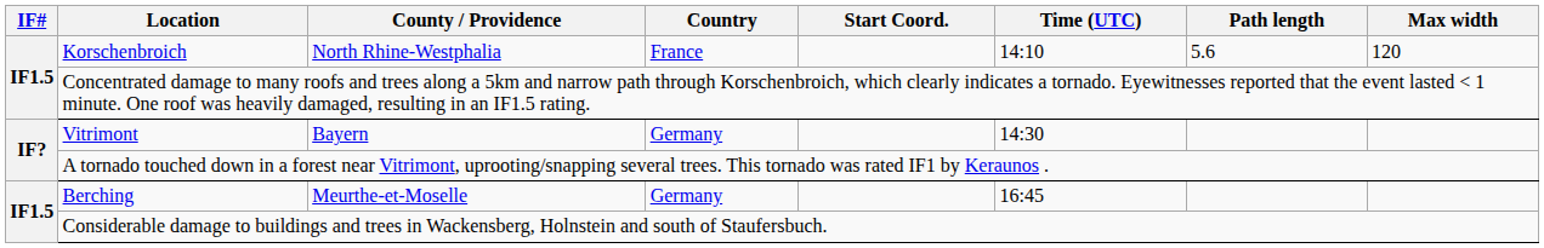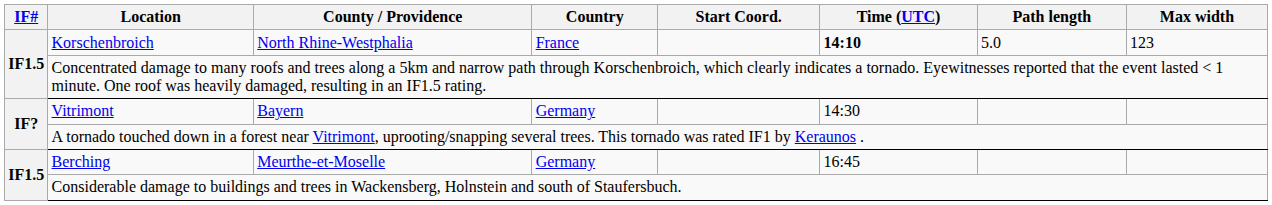 <table class="wikitable sortable" style="width:100%;">
 <tr>
 <th scope="col" width="2%" align="center"><a href='#'>IF#</a></th>
 <th scope="col" align="center" class="unsortable">Location</th>
 <th scope="col" align="center" class="unsortable">County / Providence</th>
 <th scope="col" align="center">Country</th>
 <th scope="col" align="center">Start Coord.</th>
 <th scope="col" align="center">Time (<a href='#'>UTC</a>)</th>
 <th scope="col" align="center">Path length</th>
 <th scope="col" align="center">Max width</th>
 </tr>
 <tr>
 <th scope="row" rowspan="2" style="background-color:#">IF1.5</th>
 <td><a href='#'>Korschenbroich</a></td>
 <td><a href='#'>North Rhine-Westphalia</a></td>
 <td><a href='#'>France</a></td>
 <td></td>
-<td>14:10</td>
-<td>5.6</td>
-<td>120</td>
+<td><strong>14:10</strong></td>
+<td>5.0</td>
+<td>123</td>
 </tr>
 <tr class="expand-child">
 <td colspan="8" style=" border-bottom: 1px solid black;">Concentrated damage to many roofs and trees along a 5km and narrow path through Korschenbroich, which clearly indicates a tornado. Eyewitnesses reported that the event lasted < 1 minute. One roof was heavily damaged, resulting in an IF1.5 rating.</td>
 </tr>
 <tr>
 <th scope="row" rowspan="2" style="background-color:#">IF?</th>
 <td><a href='#'>Vitrimont</a></td>
 <td><a href='#'>Bayern</a></td>
 <td><a href='#'>Germany</a></td>
 <td></td>
 <td>14:30</td>
 <td></td>
 <td></td>
 </tr>
 <tr class="expand-child">
 <td colspan="8" style=" border-bottom: 1px solid black;">A tornado touched down in a forest near <a href='#'>Vitrimont</a>, uprooting/snapping several trees. This tornado was rated IF1 by <a href='#'>Keraunos</a> .</td>
 </tr>
 <tr>
 <th scope="row" rowspan="2" style="background-color:#">IF1.5</th>
 <td><a href='#'>Berching</a></td>
 <td><a href='#'>Meurthe-et-Moselle</a></td>
 <td><a href='#'>Germany</a></td>
 <td></td>
 <td>16:45</td>
 <td></td>
 <td></td>
 </tr>
 <tr class="expand-child">
 <td colspan="8" style=" border-bottom: 1px solid black;">Considerable damage to buildings and trees in Wackensberg, Holnstein and south of Staufersbuch.</td>
 </tr>
 </table>
